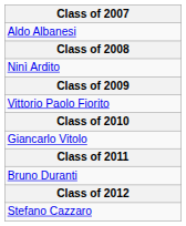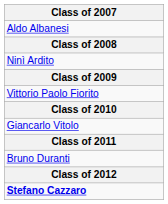 <table class="wikitable" style="width:40%">
 <tr>
 <th>Class of 2007</th>
 </tr>
 <tr>
 <td><a href='#'>Aldo Albanesi</a></td>
 </tr>
 <tr>
 <th>Class of 2008</th>
 </tr>
 <tr>
 <td><a href='#'>Ninì Ardito</a></td>
 </tr>
 <tr>
 <th>Class of 2009</th>
 </tr>
 <tr>
 <td><a href='#'>Vittorio Paolo Fiorito</a></td>
 </tr>
 <tr>
 <th>Class of 2010</th>
 </tr>
 <tr>
 <td><a href='#'>Giancarlo Vitolo</a></td>
 </tr>
 <tr>
 <th>Class of 2011</th>
 </tr>
 <tr>
 <td><a href='#'>Bruno Duranti</a></td>
 </tr>
 <tr>
 <th>Class of 2012</th>
 </tr>
 <tr>
-<td><a href='#'>Stefano Cazzaro</a></td>
+<td><strong><a href='#'>Stefano Cazzaro</a></strong></td>
 </tr>
 </table>
